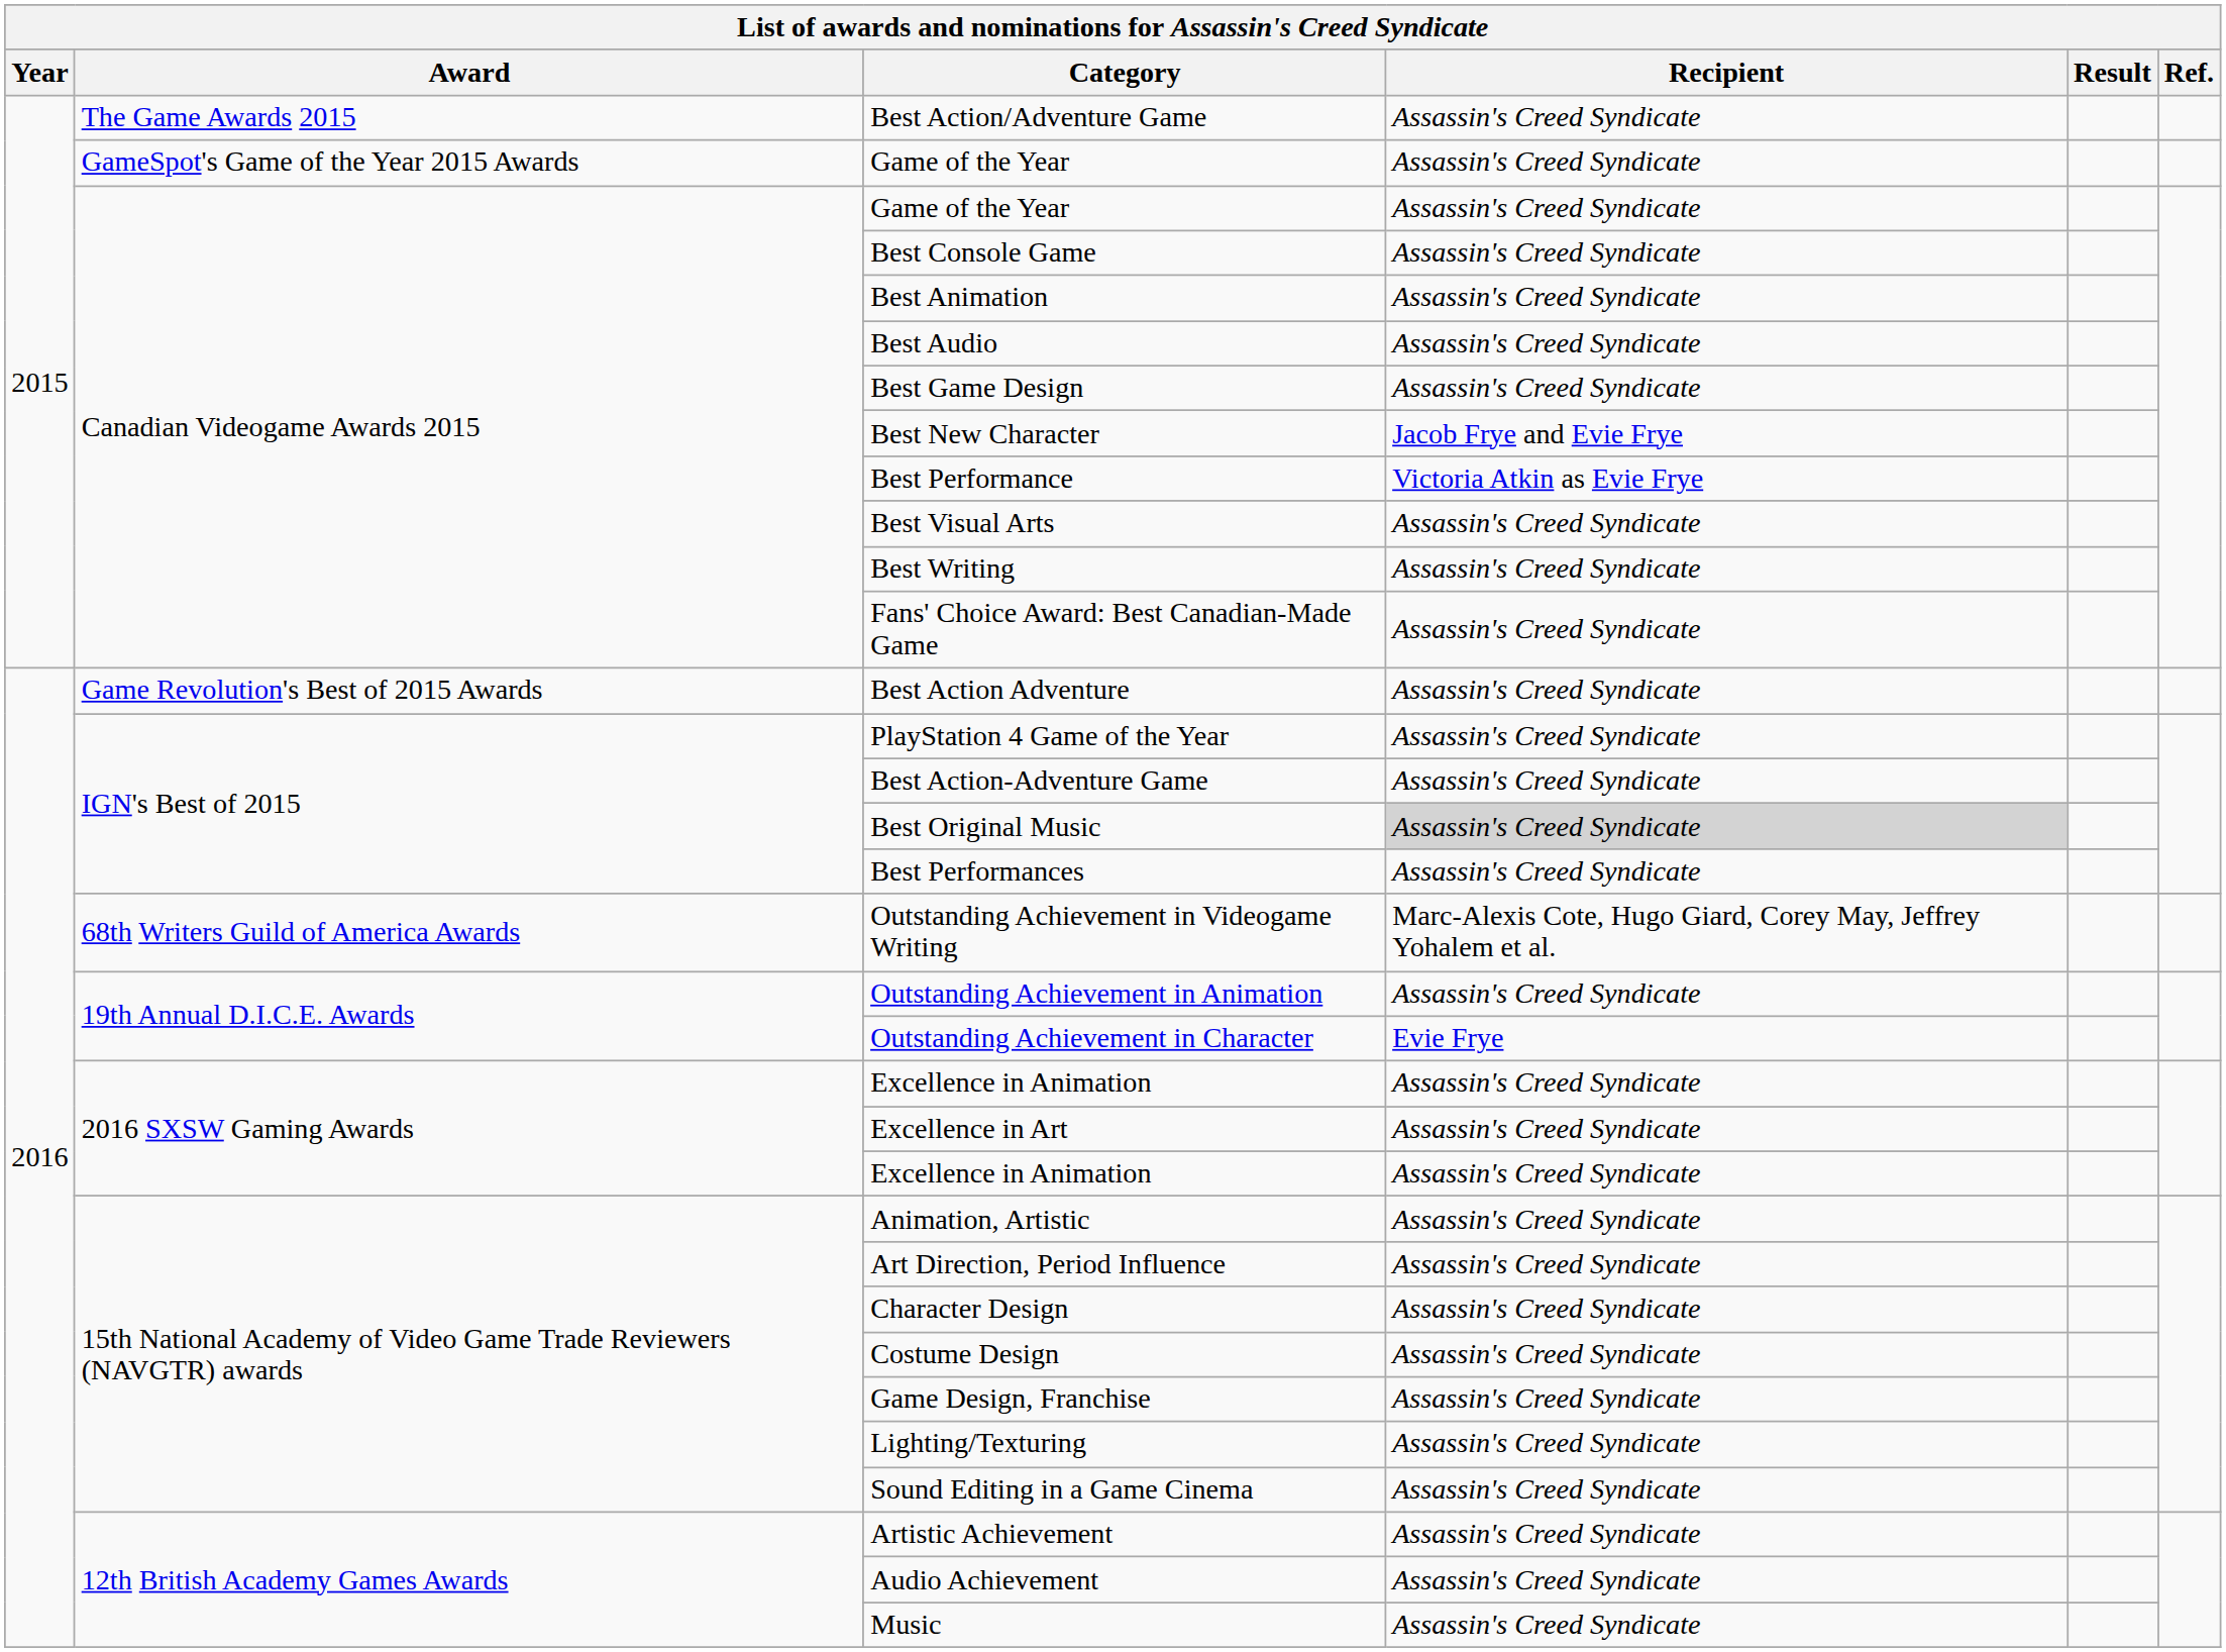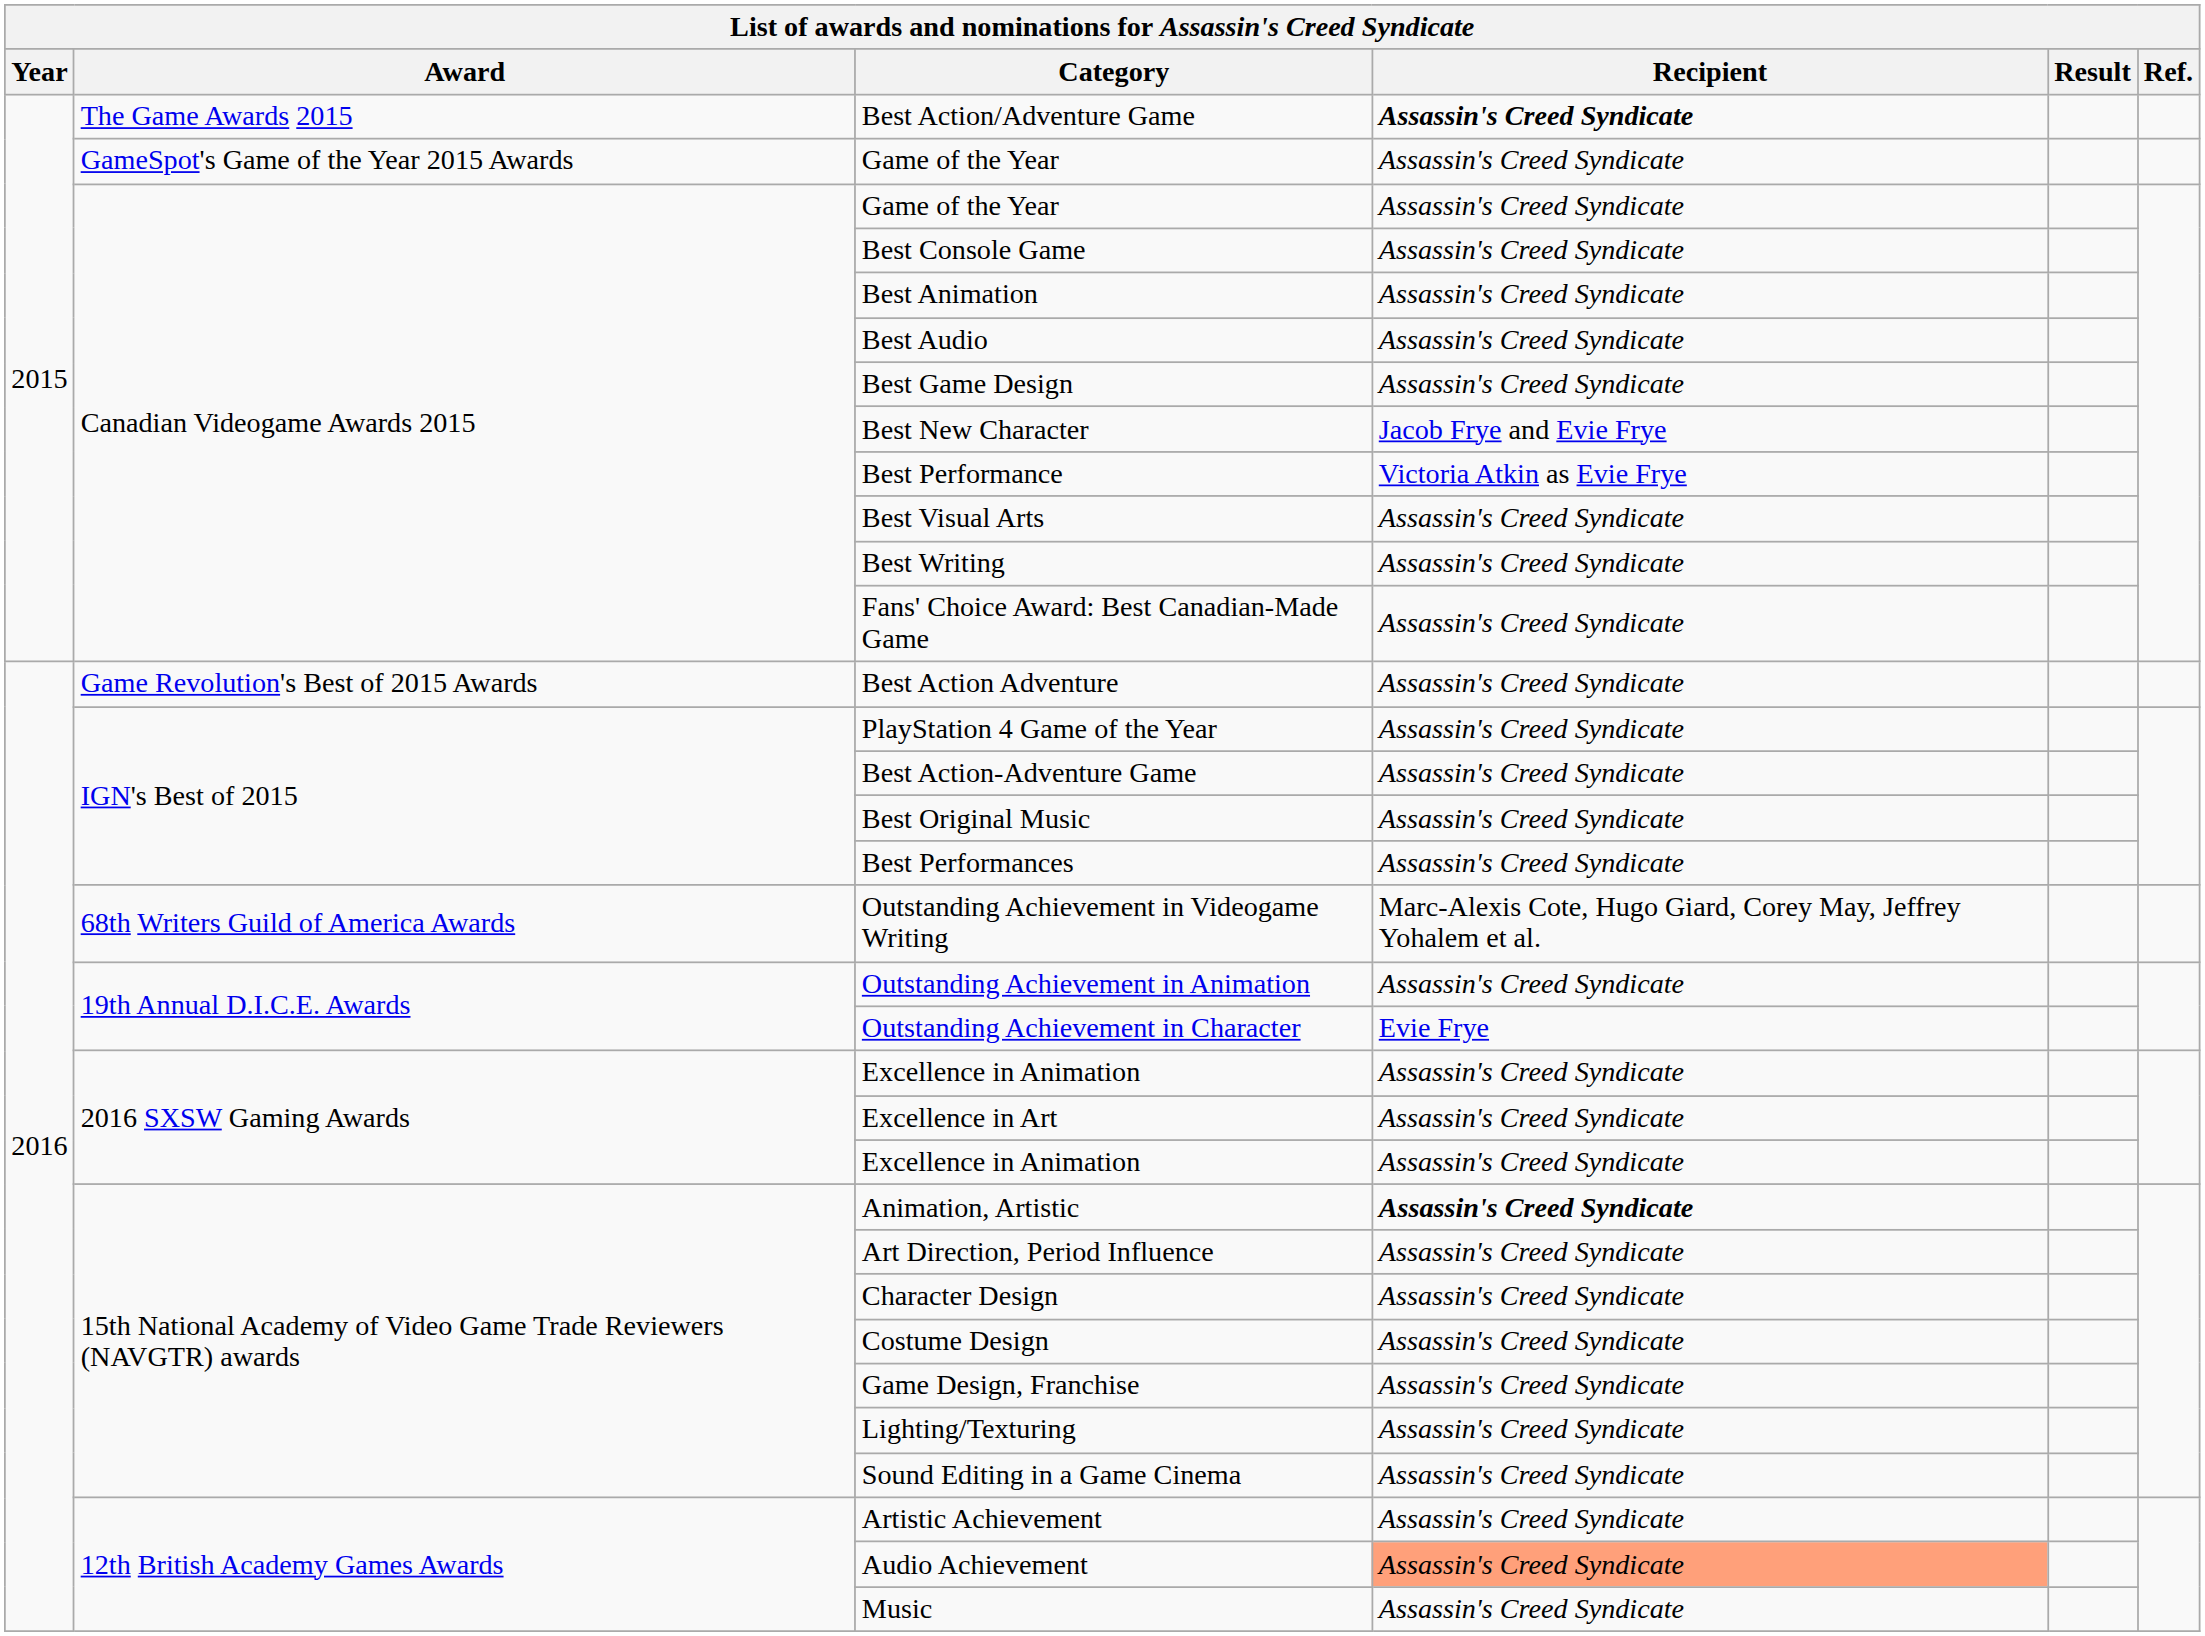 <table role="presentation" class="wikitable">
 <tr>
 <th colspan="6">List of awards and nominations for <em>Assassin's Creed Syndicate</em></th>
 </tr>
 <tr>
 <th scope="col">Year</th>
 <th scope="col">Award</th>
 <th scope="col">Category</th>
 <th scope="col">Recipient</th>
 <th scope="col">Result</th>
 <th scope="col" class="unsortable">Ref.</th>
 </tr>
 <tr>
 <td rowspan="12" style="text-align:center;">2015</td>
 <td><a href='#'>The Game Awards</a> <a href='#'>2015</a></td>
 <td>Best Action/Adventure Game</td>
-<td><em>Assassin's Creed Syndicate</em></td>
+<td><strong><em>Assassin's Creed Syndicate</em></strong></td>
 <td></td>
 <td style="text-align:center;"></td>
 </tr>
 <tr>
 <td><a href='#'>GameSpot</a>'s Game of the Year 2015 Awards</td>
 <td>Game of the Year</td>
 <td><em>Assassin's Creed Syndicate</em></td>
 <td></td>
 <td style="text-align:center;"></td>
 </tr>
 <tr>
 <td rowspan="10">Canadian Videogame Awards 2015</td>
 <td>Game of the Year</td>
 <td><em>Assassin's Creed Syndicate</em></td>
 <td></td>
 <td rowspan="10" style="text-align:center;"><br></td>
 </tr>
 <tr>
 <td>Best Console Game</td>
 <td><em>Assassin's Creed Syndicate</em></td>
 <td></td>
 </tr>
 <tr>
 <td>Best Animation</td>
 <td><em>Assassin's Creed Syndicate</em></td>
 <td></td>
 </tr>
 <tr>
 <td>Best Audio</td>
 <td><em>Assassin's Creed Syndicate</em></td>
 <td></td>
 </tr>
 <tr>
 <td>Best Game Design</td>
 <td><em>Assassin's Creed Syndicate</em></td>
 <td></td>
 </tr>
 <tr>
 <td>Best New Character</td>
 <td><a href='#'>Jacob Frye</a> and <a href='#'>Evie Frye</a></td>
 <td></td>
 </tr>
 <tr>
 <td>Best Performance</td>
 <td><a href='#'>Victoria Atkin</a> as <a href='#'>Evie Frye</a></td>
 <td></td>
 </tr>
 <tr>
 <td>Best Visual Arts</td>
 <td><em>Assassin's Creed Syndicate</em></td>
 <td></td>
 </tr>
 <tr>
 <td>Best Writing</td>
 <td><em>Assassin's Creed Syndicate</em></td>
 <td></td>
 </tr>
 <tr>
 <td>Fans' Choice Award: Best Canadian-Made Game</td>
 <td><em>Assassin's Creed Syndicate</em></td>
 <td></td>
 </tr>
 <tr>
 <td rowspan="21" style="text-align:center;">2016</td>
 <td><a href='#'>Game Revolution</a>'s Best of 2015 Awards</td>
 <td>Best Action Adventure</td>
 <td><em>Assassin's Creed Syndicate</em></td>
 <td></td>
 <td style="text-align:center;"></td>
 </tr>
 <tr>
 <td rowspan="4"><a href='#'>IGN</a>'s Best of 2015</td>
 <td>PlayStation 4 Game of the Year</td>
 <td><em>Assassin's Creed Syndicate</em></td>
 <td></td>
 <td rowspan="4" style="text-align:center;"></td>
 </tr>
 <tr>
 <td>Best Action-Adventure Game</td>
 <td><em>Assassin's Creed Syndicate</em></td>
 <td></td>
 </tr>
 <tr>
 <td>Best Original Music</td>
-<td style="background: lightgrey;"><em>Assassin's Creed Syndicate</em></td>
+<td><em>Assassin's Creed Syndicate</em></td>
 <td></td>
 </tr>
 <tr>
 <td>Best Performances</td>
 <td><em>Assassin's Creed Syndicate</em></td>
 <td></td>
 </tr>
 <tr>
 <td><a href='#'>68th</a> <a href='#'>Writers Guild of America Awards</a></td>
 <td>Outstanding Achievement in Videogame Writing</td>
 <td>Marc-Alexis Cote, Hugo Giard, Corey May, Jeffrey Yohalem et al.</td>
 <td></td>
 <td style="text-align:center;"></td>
 </tr>
 <tr>
 <td rowspan="2"><a href='#'>19th Annual D.I.C.E. Awards</a></td>
 <td><a href='#'>Outstanding Achievement in Animation</a></td>
 <td><em>Assassin's Creed Syndicate</em></td>
 <td></td>
 <td rowspan="2" style="text-align:center;"></td>
 </tr>
 <tr>
 <td><a href='#'>Outstanding Achievement in Character</a></td>
 <td><a href='#'>Evie Frye</a></td>
 <td></td>
 </tr>
 <tr>
 <td rowspan="3">2016 <a href='#'>SXSW</a> Gaming Awards</td>
 <td>Excellence in Animation</td>
 <td><em>Assassin's Creed Syndicate</em></td>
 <td></td>
 <td rowspan="3" style="text-align:center;"></td>
 </tr>
 <tr>
 <td>Excellence in Art</td>
 <td><em>Assassin's Creed Syndicate</em></td>
 <td></td>
 </tr>
 <tr>
 <td>Excellence in Animation</td>
 <td><em>Assassin's Creed Syndicate</em></td>
 <td></td>
 </tr>
 <tr>
 <td rowspan="7">15th National Academy of Video Game Trade Reviewers (NAVGTR) awards</td>
 <td>Animation, Artistic</td>
-<td><em>Assassin's Creed Syndicate</em></td>
+<td><strong><em>Assassin's Creed Syndicate</em></strong></td>
 <td></td>
 <td rowspan="7" style="text-align:center;"></td>
 </tr>
 <tr>
 <td>Art Direction, Period Influence</td>
 <td><em>Assassin's Creed Syndicate</em></td>
 <td></td>
 </tr>
 <tr>
 <td>Character Design</td>
 <td><em>Assassin's Creed Syndicate</em></td>
 <td></td>
 </tr>
 <tr>
 <td>Costume Design</td>
 <td><em>Assassin's Creed Syndicate</em></td>
 <td></td>
 </tr>
 <tr>
 <td>Game Design, Franchise</td>
 <td><em>Assassin's Creed Syndicate</em></td>
 <td></td>
 </tr>
 <tr>
 <td>Lighting/Texturing</td>
 <td><em>Assassin's Creed Syndicate</em></td>
 <td></td>
 </tr>
 <tr>
 <td>Sound Editing in a Game Cinema</td>
 <td><em>Assassin's Creed Syndicate</em></td>
 <td></td>
 </tr>
 <tr>
 <td rowspan="3"><a href='#'>12th</a> <a href='#'>British Academy Games Awards</a></td>
 <td>Artistic Achievement</td>
 <td><em>Assassin's Creed Syndicate</em></td>
 <td></td>
 <td rowspan="3" style="text-align:center;"></td>
 </tr>
 <tr>
 <td>Audio Achievement</td>
-<td><em>Assassin's Creed Syndicate</em></td>
+<td style="background: lightsalmon;"><em>Assassin's Creed Syndicate</em></td>
 <td></td>
 </tr>
 <tr>
 <td>Music</td>
 <td><em>Assassin's Creed Syndicate</em></td>
 <td></td>
 </tr>
 </table>
